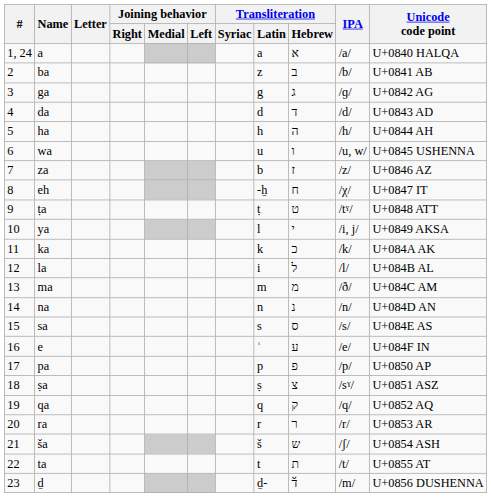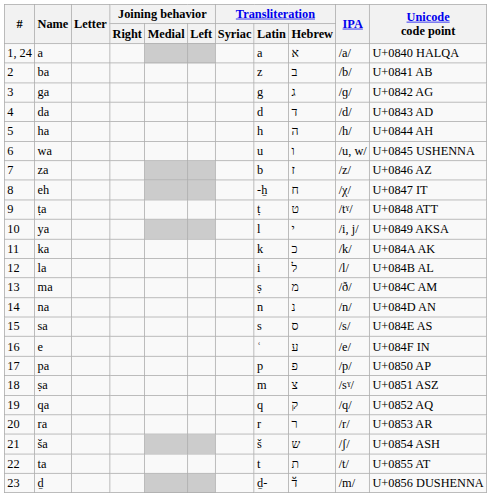 <table class="wikitable nounderlines Unicode">
 <tr>
 <th rowspan="2">#</th>
 <th rowspan="2">Name</th>
 <th rowspan="2">Letter</th>
 <th colspan="3">Joining behavior</th>
 <th colspan="3"><a href='#'>Transliteration</a></th>
 <th rowspan="2"><a href='#'>IPA</a></th>
 <th rowspan="2"><a href='#'>Unicode</a><br>code point</th>
 </tr>
 <tr>
 <th>Right</th>
 <th>Medial</th>
 <th>Left</th>
 <th>Syriac</th>
 <th>Latin</th>
 <th>Hebrew</th>
 </tr>
 <tr>
 <td>1, 24</td>
 <td>a</td>
 <td></td>
 <td></td>
 <td style="background-color:#CCCCCC;"></td>
 <td style="background-color:#CCCCCC;"></td>
 <td></td>
 <td>a</td>
 <td>א</td>
 <td>/a/</td>
 <td>U+0840 HALQA</td>
 </tr>
 <tr>
 <td>2</td>
 <td>ba</td>
 <td></td>
 <td></td>
 <td></td>
 <td></td>
 <td></td>
 <td>z</td>
 <td>ב</td>
 <td>/b/</td>
 <td>U+0841 AB</td>
 </tr>
 <tr>
 <td>3</td>
 <td>ga</td>
 <td></td>
 <td></td>
 <td></td>
 <td></td>
 <td></td>
 <td>g</td>
 <td>ג</td>
 <td>/ɡ/</td>
 <td>U+0842 AG</td>
 </tr>
 <tr>
 <td>4</td>
 <td>da</td>
 <td></td>
 <td></td>
 <td></td>
 <td></td>
 <td></td>
 <td>d</td>
 <td>ד</td>
 <td>/d/</td>
 <td>U+0843 AD</td>
 </tr>
 <tr>
 <td>5</td>
 <td>ha</td>
 <td></td>
 <td></td>
 <td></td>
 <td></td>
 <td></td>
 <td>h</td>
 <td>ה</td>
 <td>/h/</td>
 <td>U+0844 AH</td>
 </tr>
 <tr>
 <td>6</td>
 <td>wa</td>
 <td></td>
 <td></td>
 <td></td>
 <td></td>
 <td></td>
 <td>u</td>
 <td>ו</td>
 <td>/u, w/</td>
 <td>U+0845 USHENNA</td>
 </tr>
 <tr>
 <td>7</td>
 <td>za</td>
 <td></td>
 <td></td>
 <td style="background-color:#CCCCCC;"></td>
 <td style="background-color:#CCCCCC;"></td>
 <td></td>
 <td>b</td>
 <td>ז</td>
 <td>/z/</td>
 <td>U+0846 AZ</td>
 </tr>
 <tr>
 <td>8</td>
 <td>eh</td>
 <td></td>
 <td></td>
 <td style="background-color:#CCCCCC;"></td>
 <td style="background-color:#CCCCCC;"></td>
 <td></td>
 <td>-ẖ</td>
 <td>ח</td>
 <td>/χ/</td>
 <td>U+0847 IT</td>
 </tr>
 <tr>
 <td>9</td>
 <td>ṭa</td>
 <td></td>
 <td></td>
 <td></td>
 <td></td>
 <td></td>
 <td>ṭ</td>
 <td>ט</td>
 <td>/tˠ/</td>
 <td>U+0848 ATT</td>
 </tr>
 <tr>
 <td>10</td>
 <td>ya</td>
 <td></td>
 <td></td>
 <td style="background-color:#CCCCCC;"></td>
 <td style="background-color:#CCCCCC;"></td>
 <td></td>
 <td>l</td>
 <td>י</td>
 <td>/i, j/</td>
 <td>U+0849 AKSA</td>
 </tr>
 <tr>
 <td>11</td>
 <td>ka</td>
 <td></td>
 <td></td>
 <td></td>
 <td></td>
 <td></td>
 <td>k</td>
 <td>כ</td>
 <td>/k/</td>
 <td>U+084A AK</td>
 </tr>
 <tr>
 <td>12</td>
 <td>la</td>
 <td></td>
 <td></td>
 <td></td>
 <td></td>
 <td></td>
 <td>i</td>
 <td>ל</td>
 <td>/l/</td>
 <td>U+084B AL</td>
 </tr>
 <tr>
 <td>13</td>
 <td>ma</td>
 <td></td>
 <td></td>
 <td></td>
 <td></td>
 <td></td>
-<td>m</td>
+<td>ṣ</td>
 <td>מ</td>
 <td>/ð/</td>
 <td>U+084C AM</td>
 </tr>
 <tr>
 <td>14</td>
 <td>na</td>
 <td></td>
 <td></td>
 <td></td>
 <td></td>
 <td></td>
 <td>n</td>
 <td>נ</td>
 <td>/n/</td>
 <td>U+084D AN</td>
 </tr>
 <tr>
 <td>15</td>
 <td>sa</td>
 <td></td>
 <td></td>
 <td></td>
 <td></td>
 <td></td>
 <td>s</td>
 <td>ס</td>
 <td>/s/</td>
 <td>U+084E AS</td>
 </tr>
 <tr>
 <td>16</td>
 <td>e</td>
 <td></td>
 <td></td>
 <td></td>
 <td></td>
 <td></td>
 <td>ʿ</td>
 <td>ע</td>
 <td>/e/</td>
 <td>U+084F IN</td>
 </tr>
 <tr>
 <td>17</td>
 <td>pa</td>
 <td></td>
 <td></td>
 <td></td>
 <td></td>
 <td></td>
 <td>p</td>
 <td>פ</td>
 <td>/p/</td>
 <td>U+0850 AP</td>
 </tr>
 <tr>
 <td>18</td>
 <td>ṣa</td>
 <td></td>
 <td></td>
 <td></td>
 <td></td>
 <td></td>
-<td>ṣ</td>
+<td>m</td>
 <td>צ</td>
 <td>/sˠ/</td>
 <td>U+0851 ASZ</td>
 </tr>
 <tr>
 <td>19</td>
 <td>qa</td>
 <td></td>
 <td></td>
 <td></td>
 <td></td>
 <td></td>
 <td>q</td>
 <td>ק</td>
 <td>/q/</td>
 <td>U+0852 AQ</td>
 </tr>
 <tr>
 <td>20</td>
 <td>ra</td>
 <td></td>
 <td></td>
 <td></td>
 <td></td>
 <td></td>
 <td>r</td>
 <td>ר</td>
 <td>/r/</td>
 <td>U+0853 AR</td>
 </tr>
 <tr>
 <td>21</td>
 <td>ša</td>
 <td></td>
 <td></td>
 <td style="background-color:#CCCCCC;"></td>
 <td style="background-color:#CCCCCC;"></td>
 <td></td>
 <td>š</td>
 <td>ש</td>
 <td>/ʃ/</td>
 <td>U+0854 ASH</td>
 </tr>
 <tr>
 <td>22</td>
 <td>ta</td>
 <td></td>
 <td></td>
 <td></td>
 <td></td>
 <td></td>
 <td>t</td>
 <td>ת</td>
 <td>/t/</td>
 <td>U+0855 AT</td>
 </tr>
 <tr>
 <td>23</td>
 <td>ḏ</td>
 <td></td>
 <td></td>
 <td style="background-color:#CCCCCC;"></td>
 <td style="background-color:#CCCCCC;"></td>
 <td></td>
 <td>ḏ-</td>
 <td>דﬞ‎</td>
 <td>/m/</td>
 <td>U+0856 DUSHENNA</td>
 </tr>
 </table>
